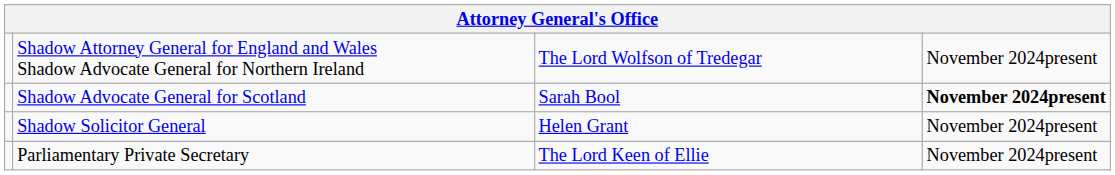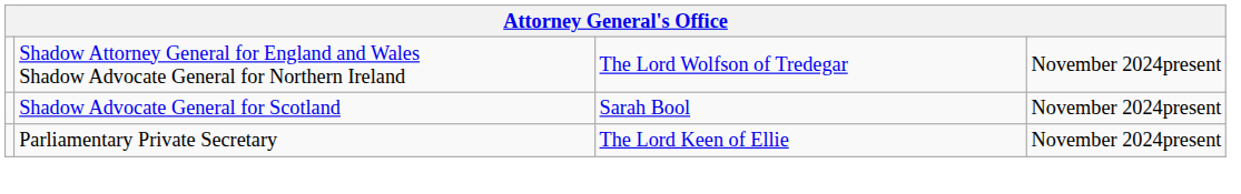 <table class="wikitable">
 <tr>
 <th colspan="4"><a href='#'>Attorney General's Office</a></th>
 </tr>
 <tr>
 <td style="background: "></td>
 <td style="width: 450px;"><a href='#'>Shadow Attorney General for England and Wales</a><br>Shadow Advocate General for Northern Ireland</td>
 <td style="width: 333px;"><a href='#'>The Lord Wolfson of Tredegar</a></td>
 <td>November 2024present</td>
 </tr>
 <tr>
 <td style="background: "></td>
 <td><a href='#'>Shadow Advocate General for Scotland</a></td>
 <td><a href='#'>Sarah Bool</a></td>
-<td><strong>November 2024present</strong></td>
-</tr>
-<tr>
-<td style="background: "></td>
-<td><a href='#'>Shadow Solicitor General</a></td>
-<td><a href='#'>Helen Grant</a></td>
 <td>November 2024present</td>
 </tr>
 <tr>
 <td style="background: "></td>
 <td>Parliamentary Private Secretary</td>
 <td><a href='#'>The Lord Keen of Ellie</a></td>
 <td>November 2024present</td>
 </tr>
 </table>
